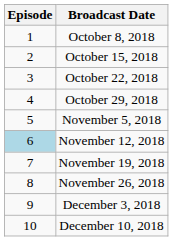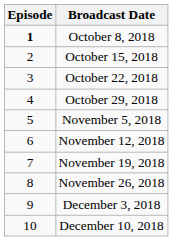 <table class="wikitable" style="text-align:center;">
 <tr>
 <th>Episode</th>
 <th>Broadcast Date</th>
 </tr>
 <tr>
-<td>1</td>
+<td><strong>1</strong></td>
 <td>October 8, 2018</td>
 </tr>
 <tr>
 <td>2</td>
 <td>October 15, 2018</td>
 </tr>
 <tr>
 <td>3</td>
 <td>October 22, 2018</td>
 </tr>
 <tr>
 <td>4</td>
 <td>October 29, 2018</td>
 </tr>
 <tr>
 <td>5</td>
 <td>November 5, 2018</td>
 </tr>
 <tr>
-<td style="background: lightblue;">6</td>
+<td>6</td>
 <td>November 12, 2018</td>
 </tr>
 <tr>
 <td>7</td>
 <td>November 19, 2018</td>
 </tr>
 <tr>
 <td>8</td>
 <td>November 26, 2018</td>
 </tr>
 <tr>
 <td>9</td>
 <td>December 3, 2018</td>
 </tr>
 <tr>
 <td>10</td>
 <td>December 10, 2018</td>
 </tr>
 </table>
